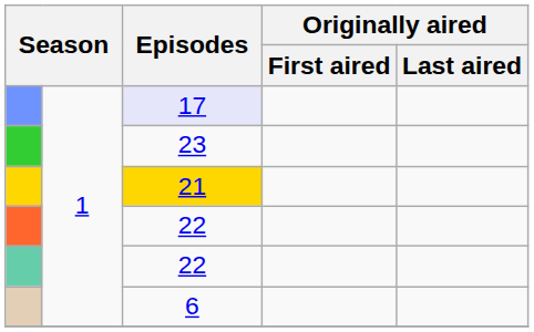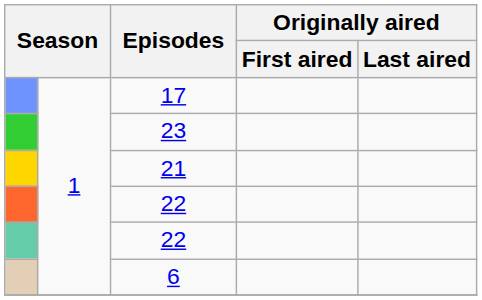 <table class="wikitable plainrowheaders" style="text-align: center">
 <tr>
 <th style="padding: 0 8px" colspan="2" rowspan="2">Season</th>
 <th style="padding: 0 8px" colspan="1" rowspan="2">Episodes</th>
 <th colspan="3">Originally aired</th>
 </tr>
 <tr>
 <th>First aired</th>
 <th>Last aired</th>
 </tr>
 <tr>
 <td style="background-color: #6E93FF"></td>
 <td rowspan=6><a href='#'>1</a></td>
-<td style="background: lavender;"><a href='#'>17</a></td>
+<td><a href='#'>17</a></td>
 <td></td>
 <td></td>
 </tr>
 <tr>
 <td style="background-color: #32CD32"></td>
 <td><a href='#'>23</a></td>
 <td></td>
 <td></td>
 </tr>
 <tr>
 <td style="background-color: #FFD700"></td>
-<td style="background: gold;"><a href='#'>21</a></td>
+<td><a href='#'>21</a></td>
 <td></td>
 <td></td>
 </tr>
 <tr>
 <td style="background-color: #FF662E"></td>
 <td><a href='#'>22</a></td>
 <td></td>
 <td></td>
 </tr>
 <tr>
 <td style="background-color: #66CDAA"></td>
 <td><a href='#'>22</a></td>
 <td></td>
 <td></td>
 </tr>
 <tr>
 <td style="background-color: #E2CFB6"></td>
 <td><a href='#'>6</a></td>
 <td></td>
 <td></td>
 </tr>
 <tr>
 </tr>
 </table>
